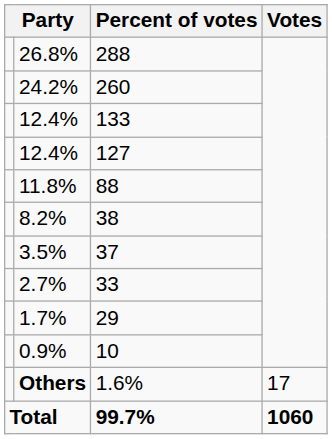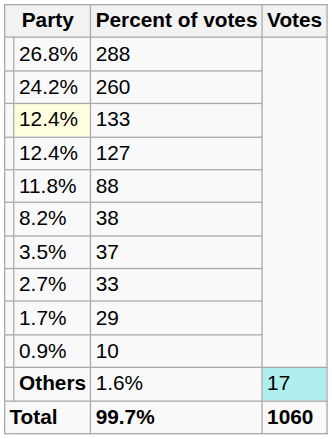 <table class="wikitable sortable">
 <tr>
 <th colspan="2">Party</th>
 <th>Percent of votes</th>
 <th>Votes</th>
 </tr>
 <tr>
 <td></td>
 <td>26.8%</td>
 <td>288</td>
 </tr>
 <tr>
 <td></td>
 <td>24.2%</td>
 <td>260</td>
 </tr>
 <tr>
 <td></td>
-<td>12.4%</td>
+<td style="background: lightyellow;">12.4%</td>
 <td>133</td>
 </tr>
 <tr>
 <td></td>
 <td>12.4%</td>
 <td>127</td>
 </tr>
 <tr>
 <td></td>
 <td>11.8%</td>
 <td>88</td>
 </tr>
 <tr>
 <td></td>
 <td>8.2%</td>
 <td>38</td>
 </tr>
 <tr>
 <td></td>
 <td>3.5%</td>
 <td>37</td>
 </tr>
 <tr>
 <td></td>
 <td>2.7%</td>
 <td>33</td>
 </tr>
 <tr>
 <td></td>
 <td>1.7%</td>
 <td>29</td>
 </tr>
 <tr>
 <td></td>
 <td>0.9%</td>
 <td>10</td>
 </tr>
 <tr>
 <td></td>
 <td><strong>Others</strong></td>
 <td>1.6%</td>
-<td>17</td>
+<td style="background: paleturquoise;">17</td>
 </tr>
 <tr>
 <td colspan="2"><strong>Total</strong></td>
 <td><strong>99.7%</strong></td>
 <td><strong>1060</strong></td>
 </tr>
 </table>
